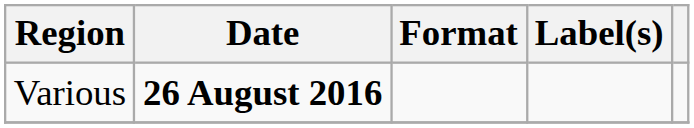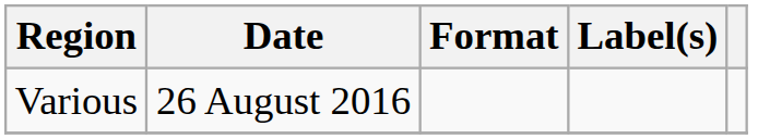 <table class="wikitable plainrowheaders">
 <tr>
 <th scope="row">Region</th>
 <th scope="row">Date</th>
 <th scope="row">Format</th>
 <th scope="row">Label(s)</th>
 <th scope="row"></th>
 </tr>
 <tr>
 <td>Various</td>
-<td><strong>26 August 2016</strong></td>
+<td>26 August 2016</td>
 <td></td>
 <td></td>
 <td></td>
 </tr>
 <tr>
 </tr>
 </table>
